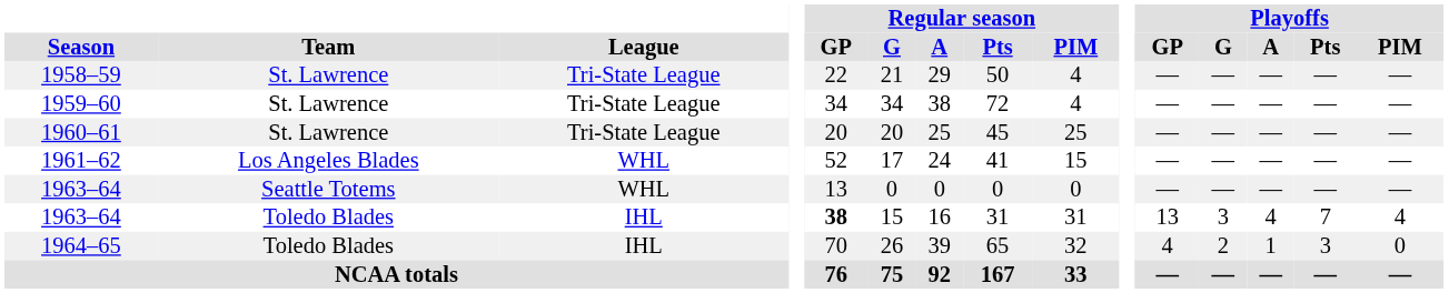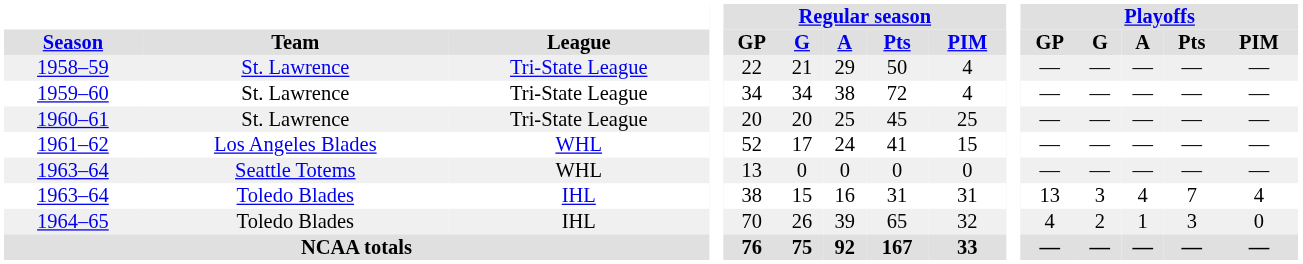 <table BORDER="0" CELLPADDING="1" CELLSPACING="0" width="80%" style="text-align:center">
 <tr bgcolor="#e0e0e0">
 <th colspan="3" bgcolor="#ffffff"> </th>
 <th rowspan="99" bgcolor="#ffffff"> </th>
 <th colspan="5"><a href='#'>Regular season</a></th>
 <th rowspan="99" bgcolor="#ffffff"> </th>
 <th colspan="5"><a href='#'>Playoffs</a></th>
 </tr>
 <tr bgcolor="#e0e0e0">
 <th ALIGN="centre"><a href='#'>Season</a></th>
 <th ALIGN="centre">Team</th>
 <th ALIGN="centre">League</th>
 <th ALIGN="centre">GP</th>
 <th ALIGN="centre"><a href='#'>G</a></th>
 <th ALIGN="centre"><a href='#'>A</a></th>
 <th ALIGN="centre"><a href='#'>Pts</a></th>
 <th ALIGN="centre"><a href='#'>PIM</a></th>
 <th ALIGN="centre">GP</th>
 <th ALIGN="centre">G</th>
 <th ALIGN="centre">A</th>
 <th ALIGN="centre">Pts</th>
 <th ALIGN="centre">PIM</th>
 </tr>
 <tr bgcolor=f0f0f0>
 <td><a href='#'>1958–59</a></td>
 <td><a href='#'>St. Lawrence</a></td>
 <td><a href='#'>Tri-State League</a></td>
 <td>22</td>
 <td>21</td>
 <td>29</td>
 <td>50</td>
 <td>4</td>
 <td>—</td>
 <td>—</td>
 <td>—</td>
 <td>—</td>
 <td>—</td>
 </tr>
 <tr>
 <td><a href='#'>1959–60</a></td>
 <td>St. Lawrence</td>
 <td>Tri-State League</td>
 <td>34</td>
 <td>34</td>
 <td>38</td>
 <td>72</td>
 <td>4</td>
 <td>—</td>
 <td>—</td>
 <td>—</td>
 <td>—</td>
 <td>—</td>
 </tr>
 <tr bgcolor=f0f0f0>
 <td><a href='#'>1960–61</a></td>
 <td>St. Lawrence</td>
 <td>Tri-State League</td>
 <td>20</td>
 <td>20</td>
 <td>25</td>
 <td>45</td>
 <td>25</td>
 <td>—</td>
 <td>—</td>
 <td>—</td>
 <td>—</td>
 <td>—</td>
 </tr>
 <tr>
 <td><a href='#'>1961–62</a></td>
 <td><a href='#'>Los Angeles Blades</a></td>
 <td><a href='#'>WHL</a></td>
 <td>52</td>
 <td>17</td>
 <td>24</td>
 <td>41</td>
 <td>15</td>
 <td>—</td>
 <td>—</td>
 <td>—</td>
 <td>—</td>
 <td>—</td>
 </tr>
 <tr bgcolor=f0f0f0>
 <td><a href='#'>1963–64</a></td>
 <td><a href='#'>Seattle Totems</a></td>
 <td>WHL</td>
 <td>13</td>
 <td>0</td>
 <td>0</td>
 <td>0</td>
 <td>0</td>
 <td>—</td>
 <td>—</td>
 <td>—</td>
 <td>—</td>
 <td>—</td>
 </tr>
 <tr>
 <td><a href='#'>1963–64</a></td>
 <td><a href='#'>Toledo Blades</a></td>
 <td><a href='#'>IHL</a></td>
-<td><strong>38</strong></td>
+<td>38</td>
 <td>15</td>
 <td>16</td>
 <td>31</td>
 <td>31</td>
 <td>13</td>
 <td>3</td>
 <td>4</td>
 <td>7</td>
 <td>4</td>
 </tr>
 <tr bgcolor=f0f0f0>
 <td><a href='#'>1964–65</a></td>
 <td>Toledo Blades</td>
 <td>IHL</td>
 <td>70</td>
 <td>26</td>
 <td>39</td>
 <td>65</td>
 <td>32</td>
 <td>4</td>
 <td>2</td>
 <td>1</td>
 <td>3</td>
 <td>0</td>
 </tr>
 <tr bgcolor="#e0e0e0">
 <th colspan="3">NCAA totals</th>
 <th>76</th>
 <th>75</th>
 <th>92</th>
 <th>167</th>
 <th>33</th>
 <th>—</th>
 <th>—</th>
 <th>—</th>
 <th>—</th>
 <th>—</th>
 </tr>
 </table>
